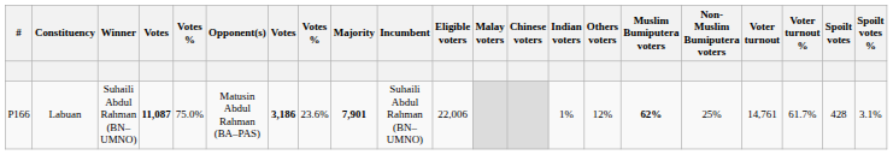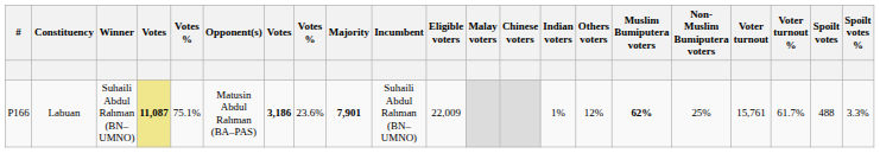 <table class="wikitable sortable" style="text-align:center; font-size:90%">
 <tr>
 <th width="30">#</th>
 <th width="60">Constituency</th>
 <th width="150">Winner</th>
 <th width="50">Votes</th>
 <th width="50">Votes %</th>
 <th width="150">Opponent(s)</th>
 <th width="50">Votes</th>
 <th width="50">Votes %</th>
 <th width="50">Majority</th>
 <th width="150">Incumbent</th>
 <th width="50">Eligible voters</th>
 <th width="50">Malay voters</th>
 <th width="50">Chinese voters</th>
 <th width="50">Indian voters</th>
 <th width="50">Others voters</th>
 <th width="50">Muslim Bumiputera voters</th>
 <th width="50">Non-Muslim Bumiputera voters</th>
 <th width="50">Voter turnout</th>
 <th width="50">Voter turnout %</th>
 <th width="50">Spoilt votes</th>
 <th width="50">Spoilt votes %</th>
 </tr>
 <tr>
 <th height="20"></th>
 <th></th>
 <th></th>
 <th></th>
 <th></th>
 <th></th>
 <th></th>
 <th></th>
 <th></th>
 <th></th>
 <th></th>
 <th></th>
 <th></th>
 <th></th>
 <th></th>
 <th></th>
 <th></th>
 <th></th>
 <th></th>
 <th></th>
 <th></th>
 </tr>
 <tr>
 <td>P166</td>
 <td>Labuan</td>
 <td>Suhaili Abdul Rahman<br>(BN–UMNO)</td>
-<td><strong>11,087</strong></td>
-<td>75.0%</td>
+<td style="background: khaki;"><strong>11,087</strong></td>
+<td>75.1%</td>
 <td>Matusin Abdul Rahman<br>(BA–PAS)</td>
 <td><strong>3,186</strong></td>
 <td>23.6%</td>
 <td><strong>7,901</strong></td>
 <td>Suhaili Abdul Rahman<br>(BN–UMNO)</td>
-<td>22,006</td>
+<td>22,009</td>
 <td bgcolor="dcdcdc"></td>
 <td bgcolor="dcdcdc"></td>
 <td>1%</td>
 <td>12%</td>
 <td><strong>62%</strong></td>
 <td>25%</td>
-<td>14,761</td>
+<td>15,761</td>
 <td>61.7%</td>
-<td>428</td>
-<td>3.1%</td>
+<td>488</td>
+<td>3.3%</td>
 </tr>
 </table>
